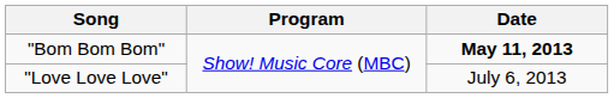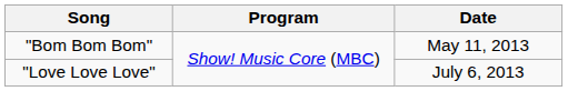 <table class="wikitable">
 <tr>
 <th style="width:150px;">Song</th>
 <th style="width:200px;">Program</th>
 <th style="width:150px;">Date</th>
 </tr>
 <tr>
 <td style="text-align:center;">"Bom Bom Bom"</td>
 <td style="text-align:center;" rowspan="2"><em><a href='#'>Show! Music Core</a></em> (<a href='#'>MBC</a>)</td>
-<td style="text-align:center;"><strong>May 11, 2013</strong></td>
+<td style="text-align:center;">May 11, 2013</td>
 </tr>
 <tr>
 <td style="text-align:center;">"Love Love Love"</td>
 <td style="text-align:center;">July 6, 2013</td>
 </tr>
 </table>
